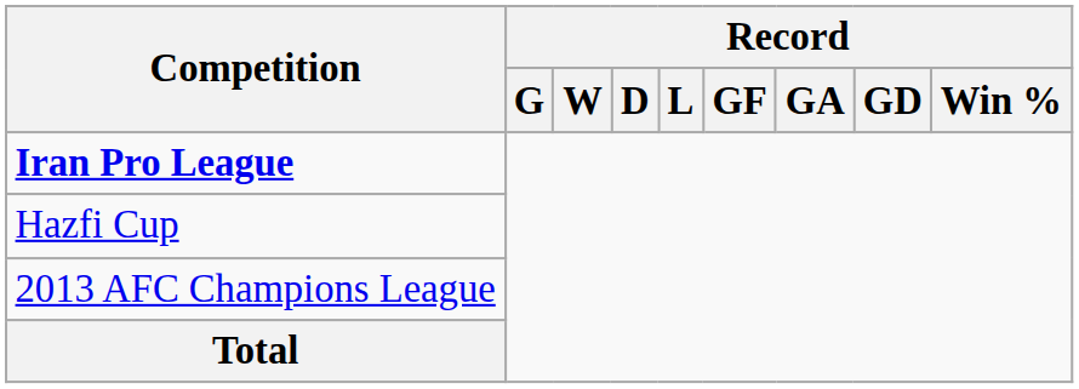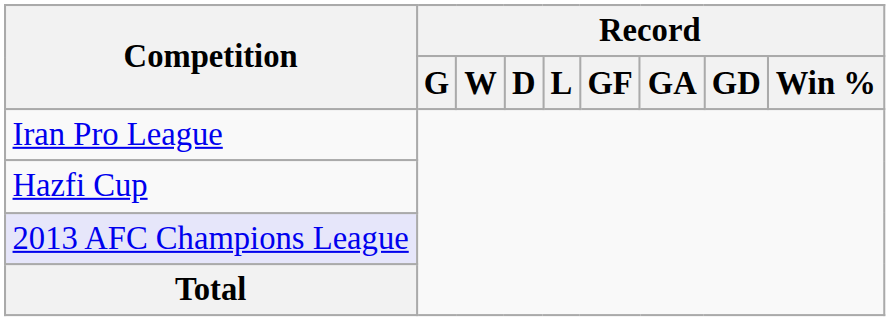 <table class="wikitable" style="text-align: center">
 <tr>
 <th rowspan="2">Competition</th>
 <th colspan="9">Record</th>
 </tr>
 <tr>
 <th>G</th>
 <th>W</th>
 <th>D</th>
 <th>L</th>
 <th>GF</th>
 <th>GA</th>
 <th>GD</th>
 <th>Win %</th>
 </tr>
 <tr>
-<td style="text-align: left"><strong><a href='#'>Iran Pro League</a><br></strong></td>
+<td style="text-align: left"><a href='#'>Iran Pro League</a><br></td>
 </tr>
 <tr>
 <td style="text-align: left"><a href='#'>Hazfi Cup</a><br></td>
 </tr>
 <tr>
-<td style="text-align: left"><a href='#'>2013 AFC Champions League</a><br></td>
+<td style="background: lavender; text-align: left"><a href='#'>2013 AFC Champions League</a><br></td>
 </tr>
 <tr>
 <th>Total<br></th>
 </tr>
 </table>
